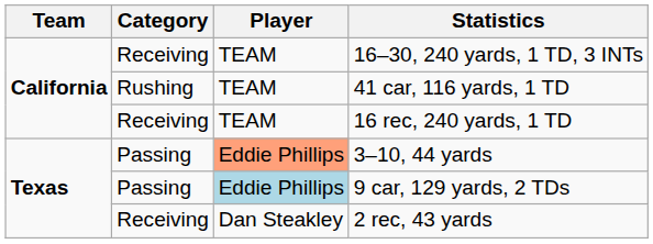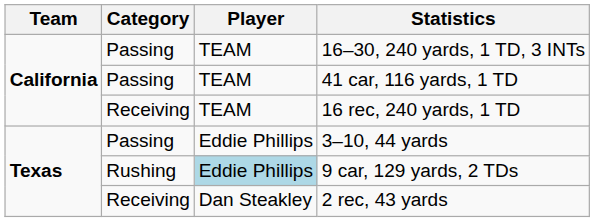 <table class="wikitable" style="float: right;">
 <tr>
 <th>Team</th>
 <th>Category</th>
 <th>Player</th>
 <th>Statistics</th>
 </tr>
 <tr>
 <td rowspan=3><strong>California</strong></td>
-<td>Receiving</td>
+<td>Passing</td>
 <td>TEAM</td>
 <td>16–30, 240 yards, 1 TD, 3 INTs</td>
 </tr>
 <tr>
-<td>Rushing</td>
+<td>Passing</td>
 <td>TEAM</td>
 <td>41 car, 116 yards, 1 TD</td>
 </tr>
 <tr>
 <td>Receiving</td>
 <td>TEAM</td>
 <td>16 rec, 240 yards, 1 TD</td>
 </tr>
 <tr>
 <td rowspan=3><strong>Texas</strong></td>
 <td>Passing</td>
-<td style="background: lightsalmon;">Eddie Phillips</td>
+<td>Eddie Phillips</td>
 <td>3–10, 44 yards</td>
 </tr>
 <tr>
-<td>Passing</td>
+<td>Rushing</td>
 <td style="background: lightblue;">Eddie Phillips</td>
 <td>9 car, 129 yards, 2 TDs</td>
 </tr>
 <tr>
 <td>Receiving</td>
 <td>Dan Steakley</td>
 <td>2 rec, 43 yards</td>
 </tr>
 </table>
